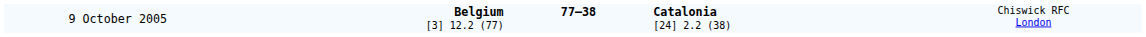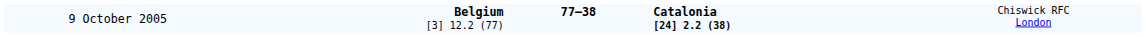 <table style="width: 100%; background:#F5FAFF;" cellspacing="0">
 <tr>
 <td align=center rowspan=3 width=20%>9 October 2005</td>
 </tr>
 <tr>
 <td width=24% align=right><strong>Belgium</strong></td>
 <td align=center width=13%><strong>77–38</strong></td>
 <td width=24%><strong>Catalonia</strong></td>
 <td style=font-size:85% rowspan=3 valign=top align=center>Chiswick RFC<br><a href='#'>London</a></td>
 </tr>
 <tr style=font-size:85%>
 <td align=right>[3] 12.2 (77)</td>
 <td></td>
-<td>[24] 2.2 (38)</td>
+<td><strong>[24] 2.2 (38)</strong></td>
 </tr>
 </table>
